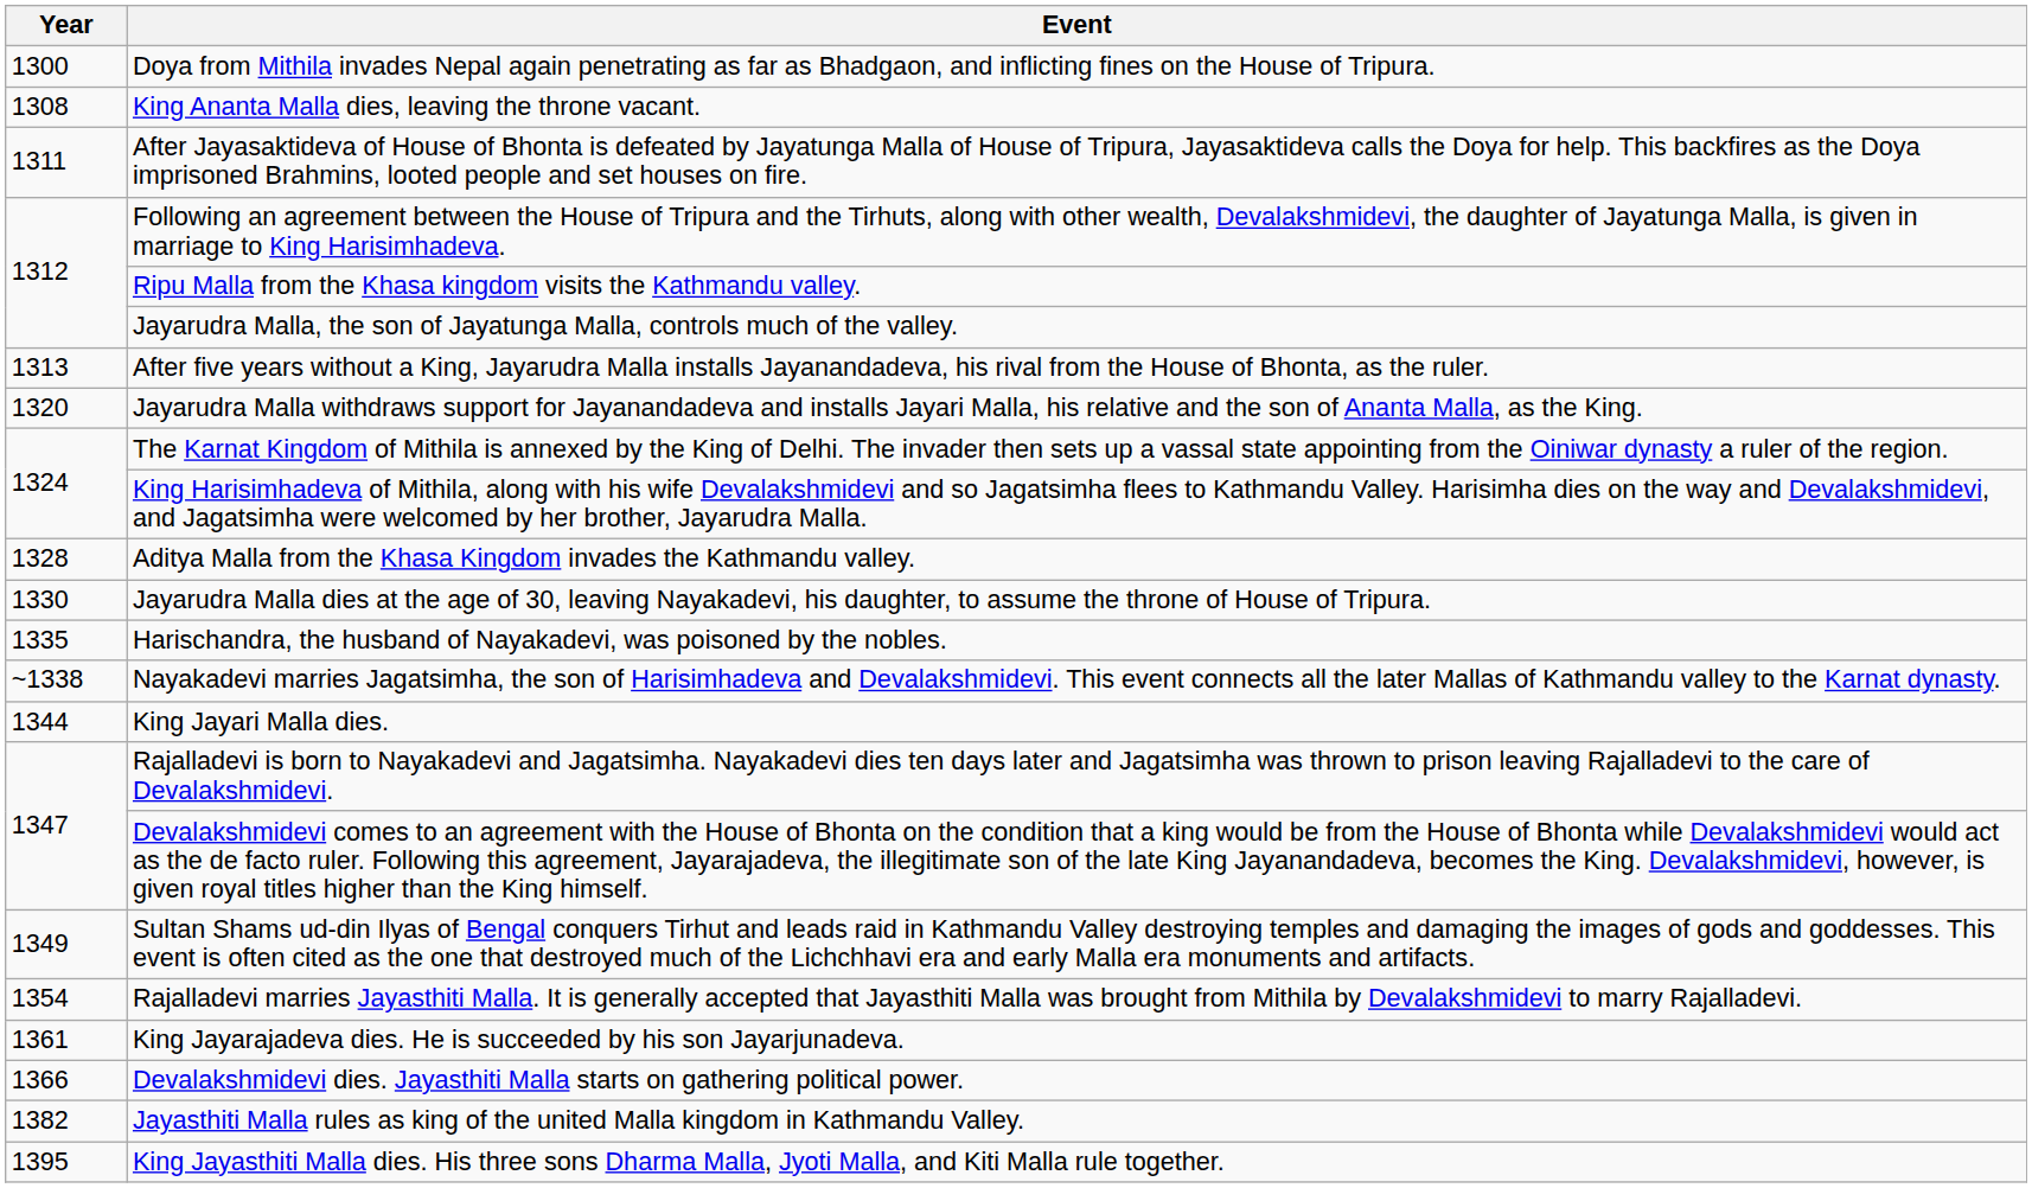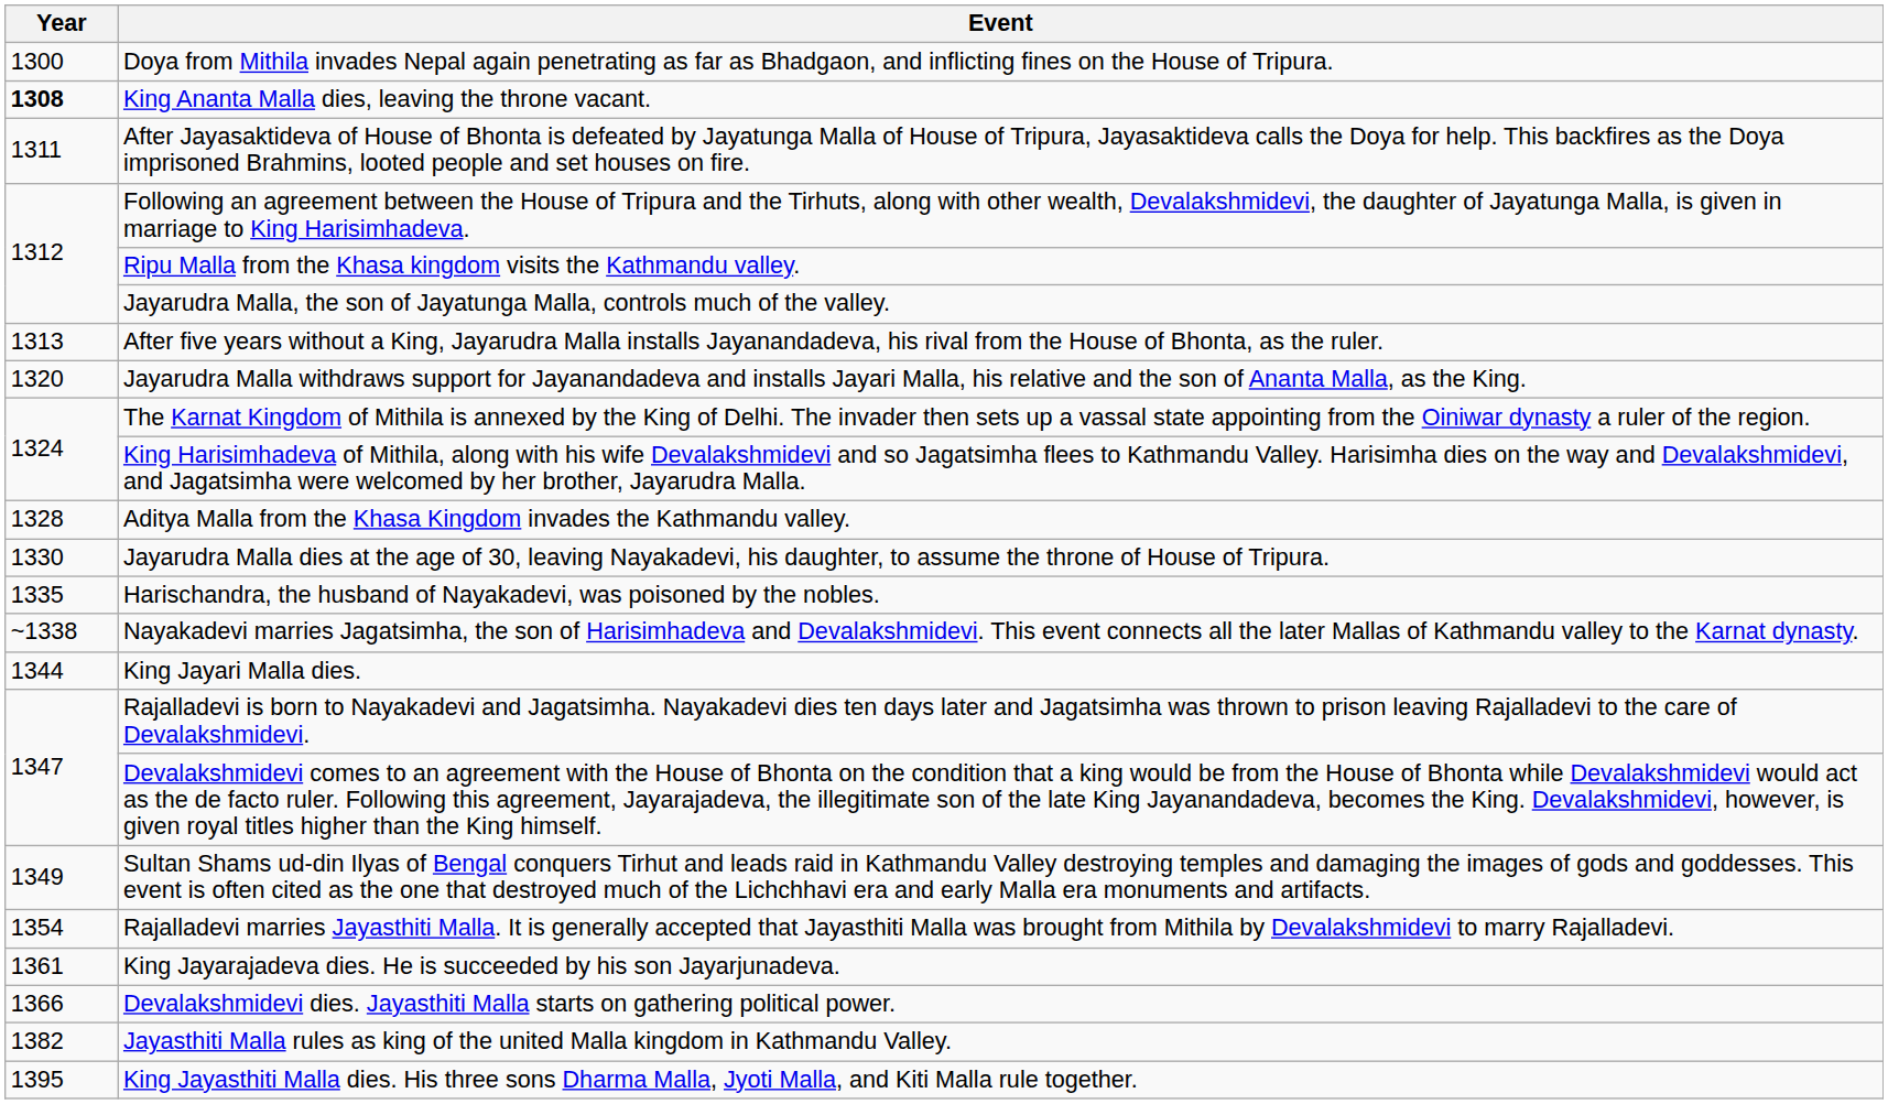 <table class="wikitable" width="100%">
 <tr>
 <th style="width:6%">Year</th>
 <th>Event</th>
 </tr>
 <tr>
 <td>1300</td>
 <td>Doya from <a href='#'>Mithila</a> invades Nepal again penetrating as far as Bhadgaon, and inflicting fines on the House of Tripura.</td>
 </tr>
 <tr>
-<td>1308</td>
+<td><strong>1308</strong></td>
 <td><a href='#'>King Ananta Malla</a> dies, leaving the throne vacant.</td>
 </tr>
 <tr>
 <td>1311</td>
 <td>After Jayasaktideva of House of Bhonta is defeated by Jayatunga Malla of House of Tripura, Jayasaktideva calls the Doya for help. This backfires as the Doya imprisoned Brahmins, looted people and set houses on fire.</td>
 </tr>
 <tr>
 <td rowspan="3">1312</td>
 <td>Following an agreement between the House of Tripura and the Tirhuts, along with other wealth, <a href='#'>Devalakshmidevi</a>, the daughter of Jayatunga Malla, is given in marriage to <a href='#'>King Harisimhadeva</a>.</td>
 </tr>
 <tr>
 <td><a href='#'>Ripu Malla</a> from the <a href='#'>Khasa kingdom</a> visits the <a href='#'>Kathmandu valley</a>.</td>
 </tr>
 <tr>
 <td>Jayarudra Malla, the son of Jayatunga Malla, controls much of the valley.</td>
 </tr>
 <tr>
 <td>1313</td>
 <td>After five years without a King, Jayarudra Malla installs Jayanandadeva, his rival from the House of Bhonta, as the ruler.</td>
 </tr>
 <tr>
 <td>1320</td>
 <td>Jayarudra Malla withdraws support for Jayanandadeva and installs Jayari Malla, his relative and the son of <a href='#'>Ananta Malla</a>, as the King.</td>
 </tr>
 <tr>
 <td rowspan="2">1324</td>
 <td>The <a href='#'>Karnat Kingdom</a> of Mithila is annexed by the King of Delhi. The invader then sets up a vassal state appointing from the <a href='#'>Oiniwar dynasty</a> a ruler of the region.</td>
 </tr>
 <tr>
 <td><a href='#'>King Harisimhadeva</a> of Mithila, along with his wife <a href='#'>Devalakshmidevi</a> and so Jagatsimha flees to Kathmandu Valley. Harisimha dies on the way and <a href='#'>Devalakshmidevi</a>, and Jagatsimha were welcomed by her brother, Jayarudra Malla.</td>
 </tr>
 <tr>
 <td>1328</td>
 <td>Aditya Malla from the <a href='#'>Khasa Kingdom</a> invades the Kathmandu valley.</td>
 </tr>
 <tr>
 <td>1330</td>
 <td>Jayarudra Malla dies at the age of 30, leaving Nayakadevi, his daughter, to assume the throne of House of Tripura.</td>
 </tr>
 <tr>
 <td>1335</td>
 <td>Harischandra, the husband of Nayakadevi, was poisoned by the nobles.</td>
 </tr>
 <tr>
 <td>~1338</td>
 <td>Nayakadevi marries Jagatsimha, the son of <a href='#'>Harisimhadeva</a> and <a href='#'>Devalakshmidevi</a>. This event connects all the later Mallas of Kathmandu valley to the <a href='#'>Karnat dynasty</a>.</td>
 </tr>
 <tr>
 <td>1344</td>
 <td>King Jayari Malla dies.</td>
 </tr>
 <tr>
 <td rowspan="2">1347</td>
 <td>Rajalladevi is born to Nayakadevi and Jagatsimha. Nayakadevi dies ten days later and Jagatsimha was thrown to prison leaving Rajalladevi to the care of <a href='#'>Devalakshmidevi</a>.</td>
 </tr>
 <tr>
 <td><a href='#'>Devalakshmidevi</a> comes to an agreement with the House of Bhonta on the condition that a king would be from the House of Bhonta while <a href='#'>Devalakshmidevi</a> would act as the de facto ruler. Following this agreement, Jayarajadeva, the illegitimate son of the late King Jayanandadeva, becomes the King. <a href='#'>Devalakshmidevi</a>, however, is given royal titles higher than the King himself.</td>
 </tr>
 <tr>
 <td>1349</td>
 <td>Sultan Shams ud-din Ilyas of <a href='#'>Bengal</a> conquers Tirhut and leads raid in Kathmandu Valley destroying temples and damaging the images of gods and goddesses. This event is often cited as the one that destroyed much of the Lichchhavi era and early Malla era monuments and artifacts.</td>
 </tr>
 <tr>
 <td>1354</td>
 <td>Rajalladevi marries <a href='#'>Jayasthiti Malla</a>. It is generally accepted that Jayasthiti Malla was brought from Mithila by <a href='#'>Devalakshmidevi</a> to marry Rajalladevi.</td>
 </tr>
 <tr>
 <td>1361</td>
 <td>King Jayarajadeva dies. He is succeeded by his son Jayarjunadeva.</td>
 </tr>
 <tr>
 <td>1366</td>
 <td><a href='#'>Devalakshmidevi</a> dies. <a href='#'>Jayasthiti Malla</a> starts on gathering political power.</td>
 </tr>
 <tr>
 <td>1382</td>
 <td><a href='#'>Jayasthiti Malla</a> rules as king of the united Malla kingdom in Kathmandu Valley.</td>
 </tr>
 <tr>
 <td>1395</td>
 <td><a href='#'>King Jayasthiti Malla</a> dies. His three sons <a href='#'>Dharma Malla</a>, <a href='#'>Jyoti Malla</a>, and Kiti Malla rule together.</td>
 </tr>
 </table>
